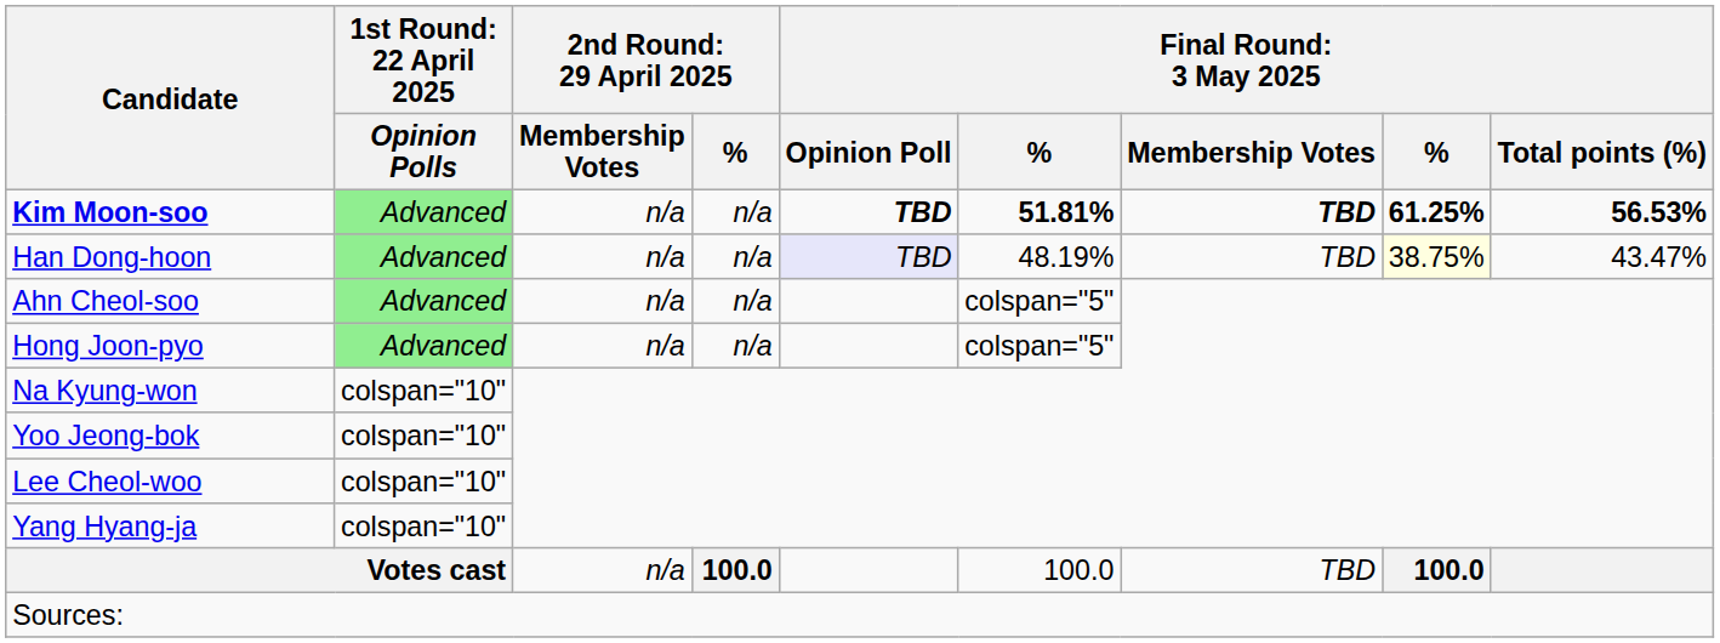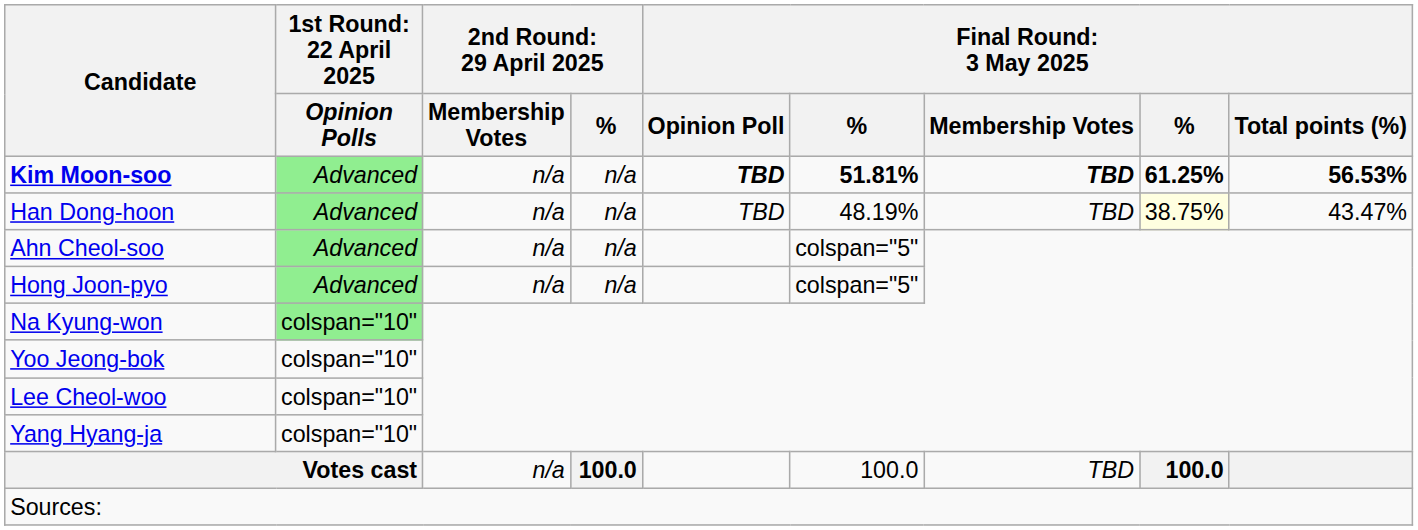 <table class="wikitable plainrowheaders" style="font-size:95%; text-align:right" |>
 <tr>
 <th rowspan="2">Candidate</th>
 <th>1st Round:<br>22 April 2025<em></em></th>
 <th colspan="2">2nd Round:<br>29 April 2025</th>
 <th colspan="5">Final Round:<br>3 May 2025</th>
 </tr>
 <tr>
 <th style="width: 50px"><em>Opinion Polls</em></th>
 <th style="width: 50px">Membership Votes</th>
 <th style="width: 40px">%</th>
 <th>Opinion Poll</th>
 <th>%</th>
 <th>Membership Votes</th>
 <th>%</th>
 <th>Total points (%)</th>
 </tr>
 <tr>
 <td style="width: 170px; text-align:left"><a href='#'><strong>Kim Moon-soo</strong></a></td>
 <td style="background:lightgreen;"><em>Advanced</em></td>
 <td><em>n/a</em></td>
 <td><em>n/a</em></td>
 <td><strong><em>TBD</em></strong></td>
 <td><strong>51.81%</strong></td>
 <td><strong><em>TBD</em></strong></td>
 <td><strong>61.25%</strong></td>
 <td><strong>56.53%</strong></td>
 </tr>
 <tr>
 <td style="width: 170px; text-align:left"><a href='#'>Han Dong-hoon</a></td>
 <td style="background:lightgreen;"><em>Advanced</em></td>
 <td><em>n/a</em></td>
 <td><em>n/a</em></td>
-<td style="background: lavender;"><em>TBD</em></td>
+<td><em>TBD</em></td>
 <td>48.19%</td>
 <td><em>TBD</em></td>
 <td style="background: lightyellow;">38.75%</td>
 <td>43.47%</td>
 </tr>
 <tr>
 <td style="width: 170px; text-align:left"><a href='#'>Ahn Cheol-soo</a></td>
 <td style="background:lightgreen;"><em>Advanced</em></td>
 <td><em>n/a</em></td>
 <td><em>n/a</em></td>
 <td></td>
 <td>colspan="5" </td>
 </tr>
 <tr>
 <td style="width: 170px; text-align:left"><a href='#'>Hong Joon-pyo</a></td>
 <td style="background:lightgreen;"><em>Advanced</em></td>
 <td><em>n/a</em></td>
 <td><em>n/a</em></td>
 <td></td>
 <td>colspan="5" </td>
 </tr>
 <tr>
 <td style="width: 170px; text-align:left"><a href='#'>Na Kyung-won</a></td>
-<td>colspan="10" </td>
+<td style="background: lightgreen;">colspan="10" </td>
 </tr>
 <tr>
 <td style="width: 170px; text-align:left"><a href='#'>Yoo Jeong-bok</a></td>
 <td>colspan="10" </td>
 </tr>
 <tr>
 <td style="width: 170px; text-align:left"><a href='#'>Lee Cheol-woo</a></td>
 <td>colspan="10" </td>
 </tr>
 <tr>
 <td style="width: 170px; text-align:left"><a href='#'>Yang Hyang-ja</a></td>
 <td>colspan="10" </td>
 </tr>
 <tr>
 <th colspan="2" style="text-align:right;">Votes cast</th>
 <td scope="row" style="text-align:right;"><em>n/a</em></td>
 <th scope="row" style="text-align:right;">100.0</th>
 <td></td>
 <td>100.0</td>
 <td scope="row" style="text-align:right;"><em>TBD</em></td>
 <th scope="row" style="text-align:right;">100.0</th>
 <th></th>
 </tr>
 <tr>
 <td colspan="11" style="text-align:left;">Sources: </td>
 </tr>
 </table>
